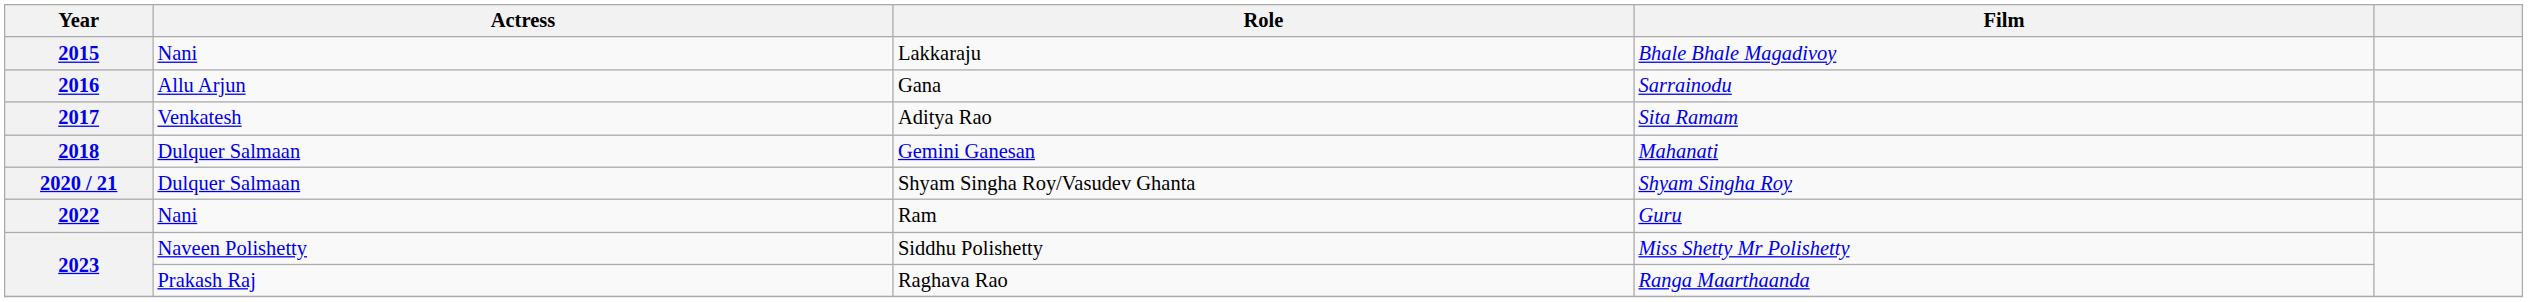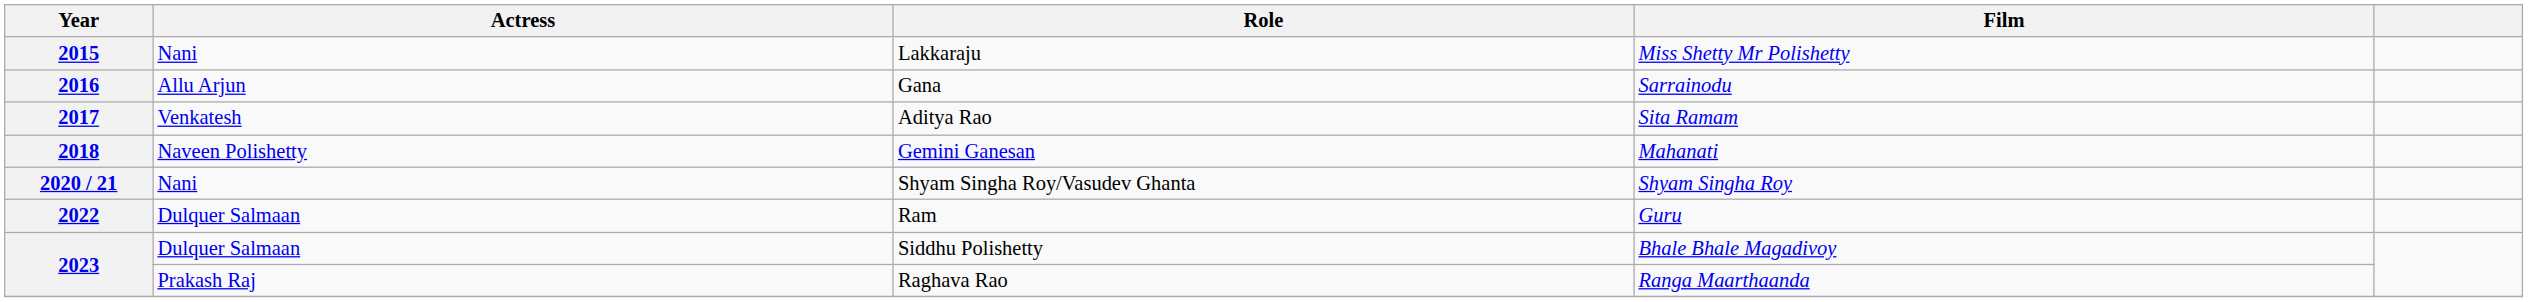 <table class="wikitable sortable" style="text-align:left;">
 <tr>
 <th scope="col" style="width:3%; text-align:center;">Year</th>
 <th scope="col" style="width:15%;text-align:center;">Actress</th>
 <th scope="col" style="width:15%;text-align:center;">Role</th>
 <th scope="col" style="width:15%;text-align:center;">Film</th>
 <th scope="col" style="width:3%;text-align:center;"></th>
 </tr>
 <tr>
 <th scope="row" style="text-align:center"><a href='#'>2015</a></th>
 <td><a href='#'>Nani</a></td>
 <td>Lakkaraju</td>
-<td><em><a href='#'>Bhale Bhale Magadivoy</a></em></td>
+<td><em><a href='#'>Miss Shetty Mr Polishetty</a></em></td>
 <td style="text-align:center"></td>
 </tr>
 <tr>
 <th scope="row" style="text-align:center"><a href='#'>2016</a></th>
 <td><a href='#'>Allu Arjun</a></td>
 <td>Gana</td>
 <td><em><a href='#'>Sarrainodu</a></em></td>
 <td style="text-align:center"></td>
 </tr>
 <tr>
 <th scope="row" style="text-align:center"><a href='#'>2017</a></th>
 <td><a href='#'>Venkatesh</a></td>
 <td>Aditya Rao</td>
 <td><em><a href='#'>Sita Ramam</a></em></td>
 <td style="text-align:center"></td>
 </tr>
 <tr>
 <th scope="row" style="text-align:center"><a href='#'>2018</a></th>
-<td><a href='#'>Dulquer Salmaan</a></td>
+<td><a href='#'>Naveen Polishetty</a></td>
 <td><a href='#'>Gemini Ganesan</a></td>
 <td><em><a href='#'>Mahanati</a></em></td>
 <td style="text-align:center"></td>
 </tr>
 <tr>
 <th scope="row" style="text-align:center"><a href='#'>2020 / 21</a></th>
-<td><a href='#'>Dulquer Salmaan</a></td>
+<td><a href='#'>Nani</a></td>
 <td>Shyam Singha Roy/Vasudev Ghanta</td>
 <td><em><a href='#'>Shyam Singha Roy</a></em></td>
 <td style="text-align:center"></td>
 </tr>
 <tr>
 <th scope="row" style="text-align:center"><a href='#'>2022</a></th>
-<td><a href='#'>Nani</a></td>
+<td><a href='#'>Dulquer Salmaan</a></td>
 <td>Ram</td>
 <td><a href='#'><em>Guru</em></a></td>
 <td style="text-align:center"></td>
 </tr>
 <tr>
 <th rowspan="2" scope="row" style="text-align:center"><a href='#'>2023</a></th>
-<td><a href='#'>Naveen Polishetty</a></td>
+<td><a href='#'>Dulquer Salmaan</a></td>
 <td>Siddhu Polishetty</td>
-<td><em><a href='#'>Miss Shetty Mr Polishetty</a></em></td>
+<td><em><a href='#'>Bhale Bhale Magadivoy</a></em></td>
 <td rowspan="2"  style="text-align:center"></td>
 </tr>
 <tr>
 <td><a href='#'>Prakash Raj</a></td>
 <td>Raghava Rao</td>
 <td><em><a href='#'>Ranga Maarthaanda</a></em></td>
 </tr>
 <tr>
 </tr>
 </table>
